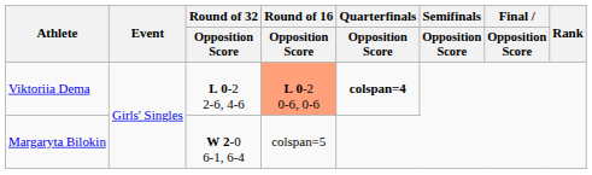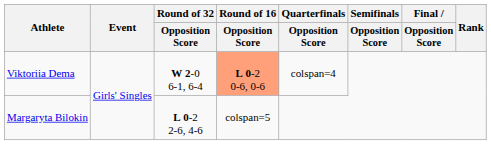 <table class=wikitable style="font-size:90%">
 <tr>
 <th rowspan="2">Athlete</th>
 <th rowspan="2">Event</th>
 <th>Round of 32</th>
 <th>Round of 16</th>
 <th>Quarterfinals</th>
 <th>Semifinals</th>
 <th>Final / </th>
 <th rowspan=2>Rank</th>
 </tr>
 <tr style="font-size:95%">
 <th>Opposition<br>Score</th>
 <th>Opposition<br>Score</th>
 <th>Opposition<br>Score</th>
 <th>Opposition<br>Score</th>
 <th>Opposition<br>Score</th>
 </tr>
 <tr align=center>
 <td align=left><a href='#'>Viktoriia Dema</a></td>
 <td align=left rowspan=2><a href='#'>Girls' Singles</a></td>
-<td><br><strong>L</strong> <strong>0</strong>-2 <br> 2-6, 4-6</td>
+<td><br><strong>W</strong> <strong>2</strong>-0 <br> 6-1, 6-4</td>
 <td style="background: lightsalmon;"><br><strong>L</strong> <strong>0</strong>-2 <br> 0-6, 0-6</td>
-<td><strong>colspan=4 </strong></td>
+<td>colspan=4 </td>
 </tr>
 <tr align=center>
 <td align=left><a href='#'>Margaryta Bilokin</a></td>
-<td><br><strong>W</strong> <strong>2</strong>-0 <br> 6-1, 6-4</td>
+<td><br><strong>L</strong> <strong>0</strong>-2 <br> 2-6, 4-6</td>
 <td>colspan=5 </td>
 </tr>
 </table>
